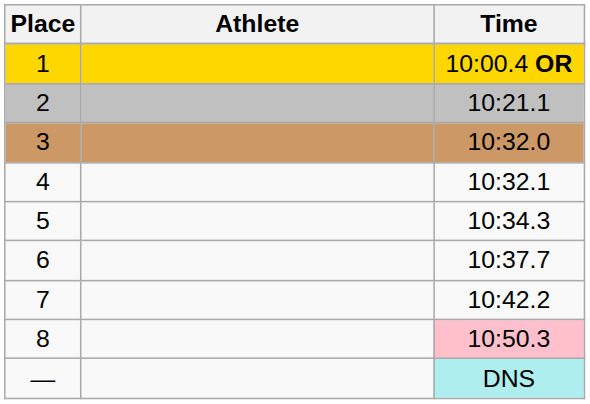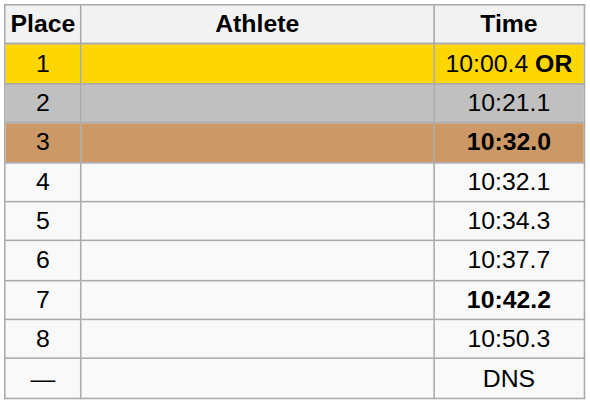 <table class=wikitable style="text-align:center">
 <tr>
 <th width=20>Place</th>
 <th width=220>Athlete</th>
 <th width=90>Time</th>
 </tr>
 <tr>
 </tr>
 <tr align=center bgcolor=gold>
 <td>1</td>
 <td align=left></td>
 <td>10:00.4 <strong>OR</strong></td>
 </tr>
 <tr align=center bgcolor=silver>
 <td>2</td>
 <td align=left></td>
 <td>10:21.1</td>
 </tr>
 <tr align=center bgcolor=cc9966>
 <td>3</td>
 <td align=left></td>
-<td>10:32.0</td>
+<td><strong>10:32.0</strong></td>
 </tr>
 <tr>
 <td>4</td>
 <td align=left></td>
 <td>10:32.1</td>
 </tr>
 <tr>
 <td>5</td>
 <td align=left></td>
 <td>10:34.3</td>
 </tr>
 <tr>
 <td>6</td>
 <td align=left></td>
 <td>10:37.7</td>
 </tr>
 <tr>
 <td>7</td>
 <td align=left></td>
-<td>10:42.2</td>
+<td><strong>10:42.2</strong></td>
 </tr>
 <tr>
 <td>8</td>
 <td align=left></td>
-<td style="background: pink;">10:50.3</td>
+<td>10:50.3</td>
 </tr>
 <tr>
 <td>—</td>
 <td align=left></td>
-<td style="background: paleturquoise;">DNS</td>
+<td>DNS</td>
 </tr>
 </table>
